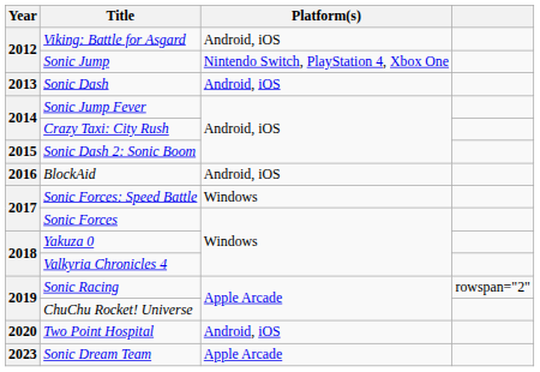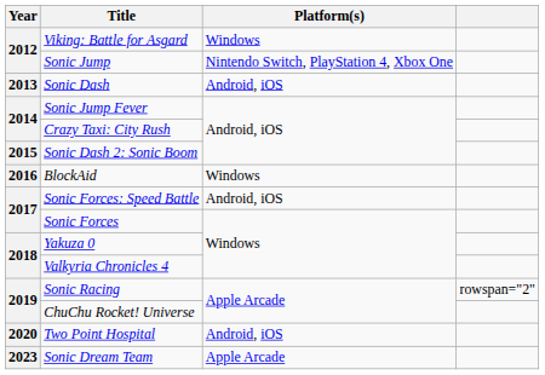 <table class="wikitable sortable plainrowheaders">
 <tr>
 <th scope="col">Year</th>
 <th scope="col">Title</th>
 <th scope="col">Platform(s)</th>
 <th scope="col" class="unsortable"></th>
 </tr>
 <tr>
 <th scope="row" rowspan="2">2012</th>
 <td><em><a href='#'>Viking: Battle for Asgard</a></em></td>
-<td>Android, iOS</td>
+<td><a href='#'>Windows</a></td>
 <td></td>
 </tr>
 <tr>
 <td><em><a href='#'>Sonic Jump</a></em></td>
 <td><a href='#'>Nintendo Switch</a>, <a href='#'>PlayStation 4</a>, <a href='#'>Xbox One</a></td>
 <td></td>
 </tr>
 <tr>
 <th scope="row">2013</th>
 <td><em><a href='#'>Sonic Dash</a></em></td>
 <td><a href='#'>Android</a>, <a href='#'>iOS</a></td>
 <td></td>
 </tr>
 <tr>
 <th scope="row" rowspan="2">2014</th>
 <td><em><a href='#'>Sonic Jump Fever</a></em></td>
 <td rowspan="3">Android, iOS</td>
 <td></td>
 </tr>
 <tr>
 <td><em><a href='#'>Crazy Taxi: City Rush</a></em></td>
 <td></td>
 </tr>
 <tr>
 <th scope="row">2015</th>
 <td><em><a href='#'>Sonic Dash 2: Sonic Boom</a></em></td>
 <td></td>
 </tr>
 <tr>
 <th scope="row">2016</th>
 <td><em>BlockAid</em></td>
-<td>Android, iOS</td>
+<td>Windows</td>
 <td></td>
 </tr>
 <tr>
 <th scope="row" rowspan="2">2017</th>
 <td><em><a href='#'>Sonic Forces: Speed Battle</a></em></td>
-<td>Windows</td>
+<td>Android, iOS</td>
 <td></td>
 </tr>
 <tr>
 <td><em><a href='#'>Sonic Forces</a></em></td>
 <td rowspan="3">Windows</td>
 <td></td>
 </tr>
 <tr>
 <th scope="row" rowspan="2">2018</th>
 <td><em><a href='#'>Yakuza 0</a></em></td>
 <td></td>
 </tr>
 <tr>
 <td><em><a href='#'>Valkyria Chronicles 4</a></em></td>
 <td></td>
 </tr>
 <tr>
 <th scope="row" rowspan="2">2019</th>
 <td><em><a href='#'>Sonic Racing</a></em></td>
 <td rowspan="2"><a href='#'>Apple Arcade</a></td>
 <td>rowspan="2" </td>
 </tr>
 <tr>
 <td><em>ChuChu Rocket! Universe</em></td>
 </tr>
 <tr>
 <th scope="row">2020</th>
 <td><em><a href='#'>Two Point Hospital</a></em></td>
 <td><a href='#'>Android</a>, <a href='#'>iOS</a></td>
 <td></td>
 </tr>
 <tr>
 <th scope="row">2023</th>
 <td><em><a href='#'>Sonic Dream Team</a></em></td>
 <td rowspan="2"><a href='#'>Apple Arcade</a></td>
 <td></td>
 </tr>
 </table>
